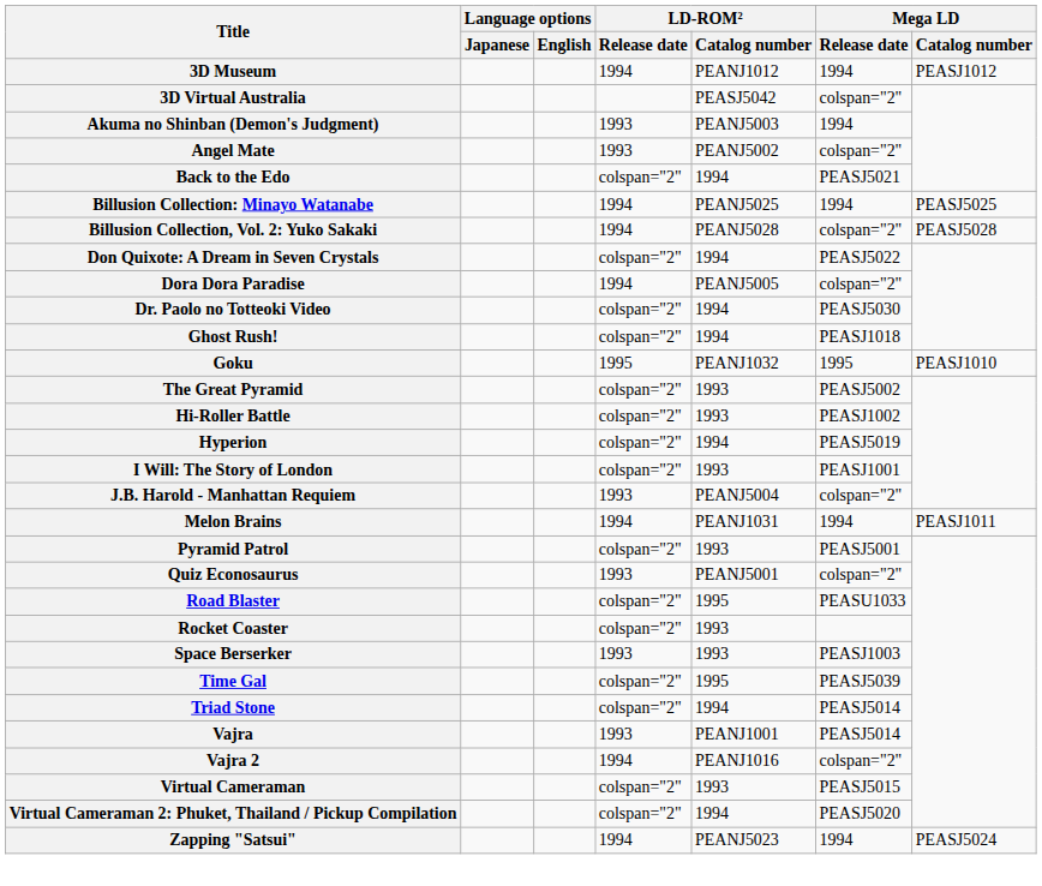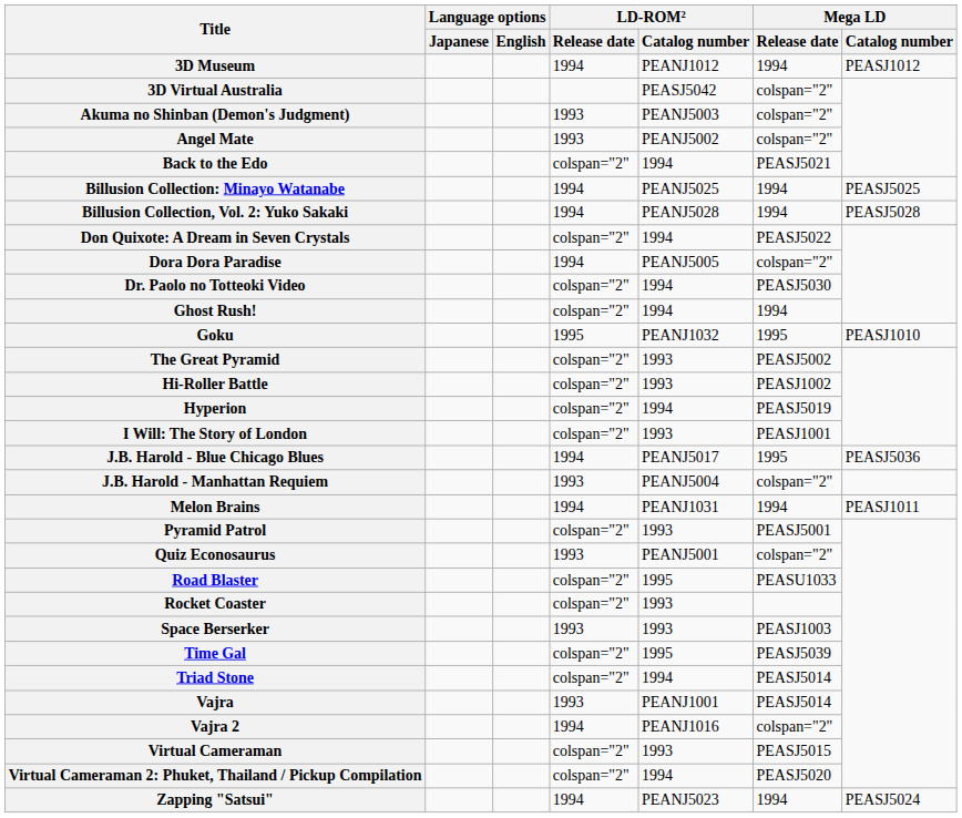 <table class="wikitable sortable center">
 <tr>
 <th scope="col" rowspan="2">Title</th>
 <th scope="col" colspan="2">Language options</th>
 <th scope="col" colspan="2">LD-ROM²</th>
 <th scope="col" colspan="2">Mega LD</th>
 </tr>
 <tr>
 <th scope="col">Japanese</th>
 <th scope="col">English</th>
 <th scope="col">Release date</th>
 <th scope="col">Catalog number</th>
 <th scope="col">Release date</th>
 <th scope="col">Catalog number</th>
 </tr>
 <tr>
 <th scope="row" >3D Museum</th>
 <td></td>
 <td></td>
 <td>1994</td>
 <td>PEANJ1012</td>
 <td>1994</td>
 <td>PEASJ1012</td>
 </tr>
 <tr>
 <th scope="row" >3D Virtual Australia</th>
 <td></td>
 <td></td>
 <td></td>
 <td>PEASJ5042</td>
 <td>colspan="2" </td>
 </tr>
 <tr>
 <th scope="row" >Akuma no Shinban (Demon's Judgment)</th>
 <td></td>
 <td></td>
 <td>1993</td>
 <td>PEANJ5003</td>
-<td>1994</td>
+<td>colspan="2" </td>
 </tr>
 <tr>
 <th scope="row" >Angel Mate</th>
 <td></td>
 <td></td>
 <td>1993</td>
 <td>PEANJ5002</td>
 <td>colspan="2" </td>
 </tr>
 <tr>
 <th scope="row" >Back to the Edo</th>
 <td></td>
 <td></td>
 <td>colspan="2" </td>
 <td>1994</td>
 <td>PEASJ5021</td>
 </tr>
 <tr>
 <th scope="row" >Billusion Collection: <a href='#'>Minayo Watanabe</a></th>
 <td></td>
 <td></td>
 <td>1994</td>
 <td>PEANJ5025</td>
 <td>1994</td>
 <td>PEASJ5025</td>
 </tr>
 <tr>
 <th scope="row" >Billusion Collection, Vol. 2: Yuko Sakaki</th>
 <td></td>
 <td></td>
 <td>1994</td>
 <td>PEANJ5028</td>
-<td>colspan="2" </td>
+<td>1994</td>
 <td>PEASJ5028</td>
 </tr>
 <tr>
 <th scope="row" >Don Quixote: A Dream in Seven Crystals</th>
 <td></td>
 <td></td>
 <td>colspan="2" </td>
 <td>1994</td>
 <td>PEASJ5022</td>
 </tr>
 <tr>
 <th scope="row" >Dora Dora Paradise</th>
 <td></td>
 <td></td>
 <td>1994</td>
 <td>PEANJ5005</td>
 <td>colspan="2" </td>
 </tr>
 <tr>
 <th scope="row" >Dr. Paolo no Totteoki Video</th>
 <td></td>
 <td></td>
 <td>colspan="2" </td>
 <td>1994</td>
 <td>PEASJ5030</td>
 </tr>
 <tr>
 <th scope="row" >Ghost Rush!</th>
 <td></td>
 <td></td>
 <td>colspan="2" </td>
 <td>1994</td>
-<td>PEASJ1018</td>
+<td>1994</td>
 </tr>
 <tr>
 <th scope="row" >Goku</th>
 <td></td>
 <td></td>
 <td>1995</td>
 <td>PEANJ1032</td>
 <td>1995</td>
 <td>PEASJ1010</td>
 </tr>
 <tr>
 <th scope="row" >The Great Pyramid</th>
 <td></td>
 <td></td>
 <td>colspan="2" </td>
 <td>1993</td>
 <td>PEASJ5002</td>
 </tr>
 <tr>
 <th scope="row" >Hi-Roller Battle</th>
 <td></td>
 <td></td>
 <td>colspan="2" </td>
 <td>1993</td>
 <td>PEASJ1002</td>
 </tr>
 <tr>
 <th scope="row" >Hyperion</th>
 <td></td>
 <td></td>
 <td>colspan="2" </td>
 <td>1994</td>
 <td>PEASJ5019</td>
 </tr>
 <tr>
 <th scope="row" >I Will: The Story of London</th>
 <td></td>
 <td></td>
 <td>colspan="2" </td>
 <td>1993</td>
 <td>PEASJ1001</td>
+</tr>
+<tr>
+<th scope="row" >J.B. Harold - Blue Chicago Blues</th>
+<td></td>
+<td></td>
+<td>1994</td>
+<td>PEANJ5017</td>
+<td>1995</td>
+<td>PEASJ5036</td>
 </tr>
 <tr>
 <th scope="row" >J.B. Harold - Manhattan Requiem</th>
 <td></td>
 <td></td>
 <td>1993</td>
 <td>PEANJ5004</td>
 <td>colspan="2" </td>
 </tr>
 <tr>
 <th scope="row" >Melon Brains</th>
 <td></td>
 <td></td>
 <td>1994</td>
 <td>PEANJ1031</td>
 <td>1994</td>
 <td>PEASJ1011</td>
 </tr>
 <tr>
 <th scope="row" >Pyramid Patrol</th>
 <td></td>
 <td></td>
 <td>colspan="2" </td>
 <td>1993</td>
 <td>PEASJ5001</td>
 </tr>
 <tr>
 <th scope="row" >Quiz Econosaurus</th>
 <td></td>
 <td></td>
 <td>1993</td>
 <td>PEANJ5001</td>
 <td>colspan="2" </td>
 </tr>
 <tr>
 <th scope="row" ><a href='#'>Road Blaster</a></th>
 <td></td>
 <td></td>
 <td>colspan="2" </td>
 <td>1995</td>
 <td>PEASU1033</td>
 </tr>
 <tr>
 <th scope="row" >Rocket Coaster</th>
 <td></td>
 <td></td>
 <td>colspan="2" </td>
 <td>1993</td>
 <td></td>
 </tr>
 <tr>
 <th scope="row" >Space Berserker</th>
 <td></td>
 <td></td>
 <td>1993</td>
 <td>1993</td>
 <td>PEASJ1003</td>
 </tr>
 <tr>
 <th scope="row" ><a href='#'>Time Gal</a></th>
 <td></td>
 <td></td>
 <td>colspan="2" </td>
 <td>1995</td>
 <td>PEASJ5039</td>
 </tr>
 <tr>
 <th scope="row" ><a href='#'>Triad Stone</a></th>
 <td></td>
 <td></td>
 <td>colspan="2" </td>
 <td>1994</td>
 <td>PEASJ5014</td>
 </tr>
 <tr>
 <th scope="row" >Vajra</th>
 <td></td>
 <td></td>
 <td>1993</td>
 <td>PEANJ1001</td>
 <td>PEASJ5014</td>
 </tr>
 <tr>
 <th scope="row" >Vajra 2</th>
 <td></td>
 <td></td>
 <td>1994</td>
 <td>PEANJ1016</td>
 <td>colspan="2" </td>
 </tr>
 <tr>
 <th scope="row" >Virtual Cameraman</th>
 <td></td>
 <td></td>
 <td>colspan="2" </td>
 <td>1993</td>
 <td>PEASJ5015</td>
 </tr>
 <tr>
 <th scope="row" >Virtual Cameraman 2: Phuket, Thailand / Pickup Compilation</th>
 <td></td>
 <td></td>
 <td>colspan="2" </td>
 <td>1994</td>
 <td>PEASJ5020</td>
 </tr>
 <tr>
 <th scope="row" >Zapping "Satsui"</th>
 <td></td>
 <td></td>
 <td>1994</td>
 <td>PEANJ5023</td>
 <td>1994</td>
 <td>PEASJ5024</td>
 </tr>
 </table>
